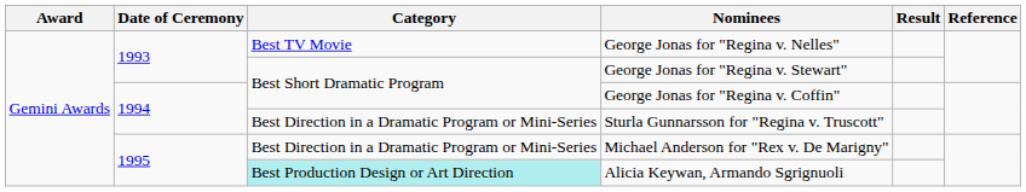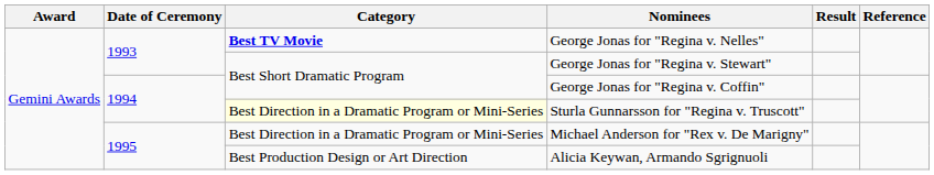 <table class="wikitable">
 <tr>
 <th>Award</th>
 <th>Date of Ceremony</th>
 <th>Category</th>
 <th>Nominees</th>
 <th>Result</th>
 <th>Reference</th>
 </tr>
 <tr>
 <td rowspan=6><a href='#'>Gemini Awards</a></td>
 <td rowspan=2><a href='#'>1993</a></td>
-<td><a href='#'>Best TV Movie</a></td>
+<td><strong><a href='#'>Best TV Movie</a></strong></td>
 <td>George Jonas for "Regina v. Nelles"</td>
 <td></td>
 <td rowspan=2></td>
 </tr>
 <tr>
 <td rowspan=2>Best Short Dramatic Program</td>
 <td>George Jonas for "Regina v. Stewart"</td>
 <td></td>
 </tr>
 <tr>
 <td rowspan=2><a href='#'>1994</a></td>
 <td>George Jonas for "Regina v. Coffin"</td>
 <td></td>
 <td rowspan=2></td>
 </tr>
 <tr>
-<td>Best Direction in a Dramatic Program or Mini-Series</td>
+<td style="background: lightyellow;">Best Direction in a Dramatic Program or Mini-Series</td>
 <td>Sturla Gunnarsson for "Regina v. Truscott"</td>
 <td></td>
 </tr>
 <tr>
 <td rowspan=2><a href='#'>1995</a></td>
 <td>Best Direction in a Dramatic Program or Mini-Series</td>
 <td>Michael Anderson for "Rex v. De Marigny"</td>
 <td></td>
 <td rowspan=2></td>
 </tr>
 <tr>
-<td style="background: paleturquoise;">Best Production Design or Art Direction</td>
+<td>Best Production Design or Art Direction</td>
 <td>Alicia Keywan, Armando Sgrignuoli</td>
 <td></td>
 </tr>
 </table>
